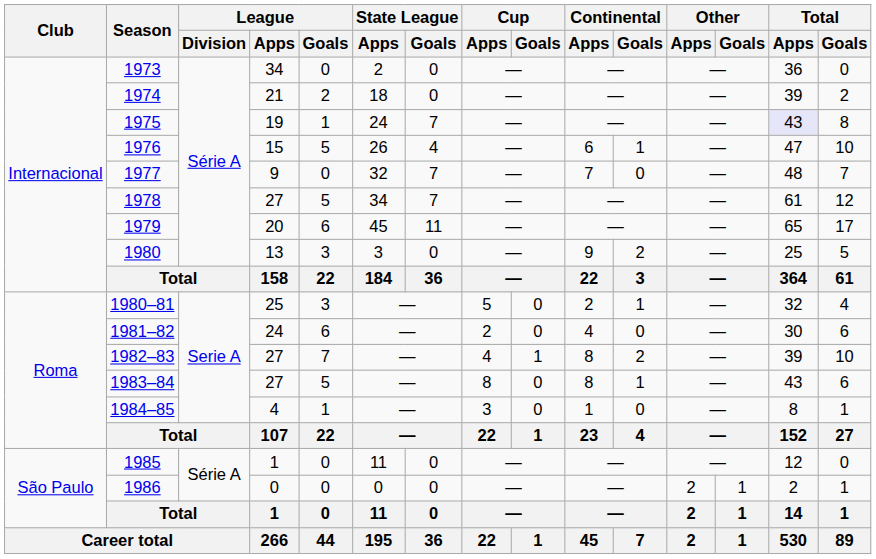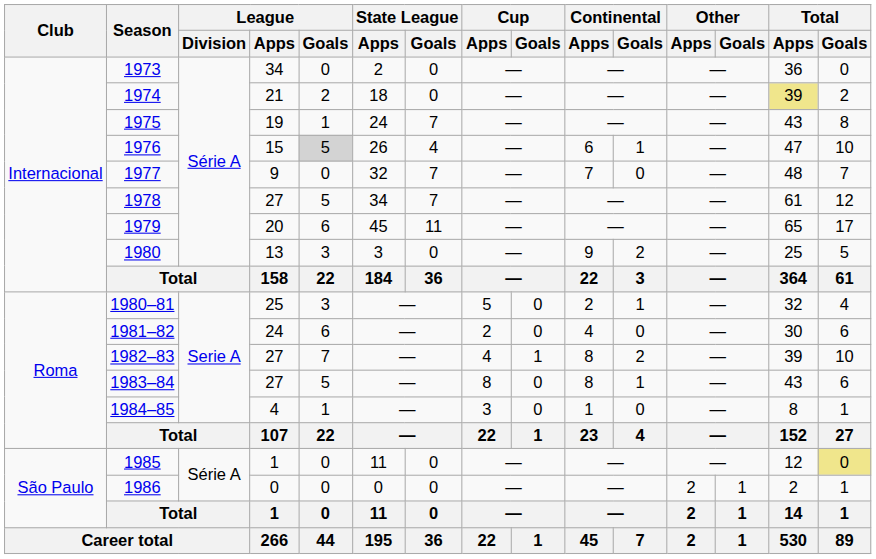 <table class="wikitable" style="text-align:center">
 <tr>
 <th rowspan="2">Club</th>
 <th rowspan="2">Season</th>
 <th colspan="3">League</th>
 <th colspan="2">State League</th>
 <th colspan="2">Cup</th>
 <th colspan="2">Continental</th>
 <th colspan="2">Other</th>
 <th colspan="2">Total</th>
 </tr>
 <tr>
 <th>Division</th>
 <th>Apps</th>
 <th>Goals</th>
 <th>Apps</th>
 <th>Goals</th>
 <th>Apps</th>
 <th>Goals</th>
 <th>Apps</th>
 <th>Goals</th>
 <th>Apps</th>
 <th>Goals</th>
 <th>Apps</th>
 <th>Goals</th>
 </tr>
 <tr>
 <td rowspan="9"><a href='#'>Internacional</a></td>
 <td><a href='#'>1973</a></td>
 <td rowspan="8"><a href='#'>Série A</a></td>
 <td>34</td>
 <td>0</td>
 <td>2</td>
 <td>0</td>
 <td colspan="2">—</td>
 <td colspan="2">—</td>
 <td colspan="2">—</td>
 <td>36</td>
 <td>0</td>
 </tr>
 <tr>
 <td><a href='#'>1974</a></td>
 <td>21</td>
 <td>2</td>
 <td>18</td>
 <td>0</td>
 <td colspan="2">—</td>
 <td colspan="2">—</td>
 <td colspan="2">—</td>
-<td>39</td>
+<td style="background: khaki;">39</td>
 <td>2</td>
 </tr>
 <tr>
 <td><a href='#'>1975</a></td>
 <td>19</td>
 <td>1</td>
 <td>24</td>
 <td>7</td>
 <td colspan="2">—</td>
 <td colspan="2">—</td>
 <td colspan="2">—</td>
-<td style="background: lavender;">43</td>
+<td>43</td>
 <td>8</td>
 </tr>
 <tr>
 <td><a href='#'>1976</a></td>
 <td>15</td>
-<td>5</td>
+<td style="background: lightgrey;">5</td>
 <td>26</td>
 <td>4</td>
 <td colspan="2">—</td>
 <td>6</td>
 <td>1</td>
 <td colspan="2">—</td>
 <td>47</td>
 <td>10</td>
 </tr>
 <tr>
 <td><a href='#'>1977</a></td>
 <td>9</td>
 <td>0</td>
 <td>32</td>
 <td>7</td>
 <td colspan="2">—</td>
 <td>7</td>
 <td>0</td>
 <td colspan="2">—</td>
 <td>48</td>
 <td>7</td>
 </tr>
 <tr>
 <td><a href='#'>1978</a></td>
 <td>27</td>
 <td>5</td>
 <td>34</td>
 <td>7</td>
 <td colspan="2">—</td>
 <td colspan="2">—</td>
 <td colspan="2">—</td>
 <td>61</td>
 <td>12</td>
 </tr>
 <tr>
 <td><a href='#'>1979</a></td>
 <td>20</td>
 <td>6</td>
 <td>45</td>
 <td>11</td>
 <td colspan="2">—</td>
 <td colspan="2">—</td>
 <td colspan="2">—</td>
 <td>65</td>
 <td>17</td>
 </tr>
 <tr>
 <td><a href='#'>1980</a></td>
 <td>13</td>
 <td>3</td>
 <td>3</td>
 <td>0</td>
 <td colspan="2">—</td>
 <td>9</td>
 <td>2</td>
 <td colspan="2">—</td>
 <td>25</td>
 <td>5</td>
 </tr>
 <tr>
 <th colspan="2">Total</th>
 <th>158</th>
 <th>22</th>
 <th>184</th>
 <th>36</th>
 <th colspan="2">—</th>
 <th>22</th>
 <th>3</th>
 <th colspan="2">—</th>
 <th>364</th>
 <th>61</th>
 </tr>
 <tr>
 <td rowspan="6"><a href='#'>Roma</a></td>
 <td><a href='#'>1980–81</a></td>
 <td rowspan="5"><a href='#'>Serie A</a></td>
 <td>25</td>
 <td>3</td>
 <td colspan="2">—</td>
 <td>5</td>
 <td>0</td>
 <td>2</td>
 <td>1</td>
 <td colspan="2">—</td>
 <td>32</td>
 <td>4</td>
 </tr>
 <tr>
 <td><a href='#'>1981–82</a></td>
 <td>24</td>
 <td>6</td>
 <td colspan="2">—</td>
 <td>2</td>
 <td>0</td>
 <td>4</td>
 <td>0</td>
 <td colspan="2">—</td>
 <td>30</td>
 <td>6</td>
 </tr>
 <tr>
 <td><a href='#'>1982–83</a></td>
 <td>27</td>
 <td>7</td>
 <td colspan="2">—</td>
 <td>4</td>
 <td>1</td>
 <td>8</td>
 <td>2</td>
 <td colspan="2">—</td>
 <td>39</td>
 <td>10</td>
 </tr>
 <tr>
 <td><a href='#'>1983–84</a></td>
 <td>27</td>
 <td>5</td>
 <td colspan="2">—</td>
 <td>8</td>
 <td>0</td>
 <td>8</td>
 <td>1</td>
 <td colspan="2">—</td>
 <td>43</td>
 <td>6</td>
 </tr>
 <tr>
 <td><a href='#'>1984–85</a></td>
 <td>4</td>
 <td>1</td>
 <td colspan="2">—</td>
 <td>3</td>
 <td>0</td>
 <td>1</td>
 <td>0</td>
 <td colspan="2">—</td>
 <td>8</td>
 <td>1</td>
 </tr>
 <tr>
 <th colspan="2">Total</th>
 <th>107</th>
 <th>22</th>
 <th colspan="2">—</th>
 <th>22</th>
 <th>1</th>
 <th>23</th>
 <th>4</th>
 <th colspan="2">—</th>
 <th>152</th>
 <th>27</th>
 </tr>
 <tr>
 <td rowspan="3"><a href='#'>São Paulo</a></td>
 <td><a href='#'>1985</a></td>
 <td rowspan="2">Série A</td>
 <td>1</td>
 <td>0</td>
 <td>11</td>
 <td>0</td>
 <td colspan="2">—</td>
 <td colspan="2">—</td>
 <td colspan="2">—</td>
 <td>12</td>
-<td>0</td>
+<td style="background: khaki;">0</td>
 </tr>
 <tr>
 <td><a href='#'>1986</a></td>
 <td>0</td>
 <td>0</td>
 <td>0</td>
 <td>0</td>
 <td colspan="2">—</td>
 <td colspan="2">—</td>
 <td>2</td>
 <td>1</td>
 <td>2</td>
 <td>1</td>
 </tr>
 <tr>
 <th colspan="2">Total</th>
 <th>1</th>
 <th>0</th>
 <th>11</th>
 <th>0</th>
 <th colspan="2">—</th>
 <th colspan="2">—</th>
 <th>2</th>
 <th>1</th>
 <th>14</th>
 <th>1</th>
 </tr>
 <tr>
 <th colspan="3">Career total</th>
 <th>266</th>
 <th>44</th>
 <th>195</th>
 <th>36</th>
 <th>22</th>
 <th>1</th>
 <th>45</th>
 <th>7</th>
 <th>2</th>
 <th>1</th>
 <th>530</th>
 <th>89</th>
 </tr>
 </table>
